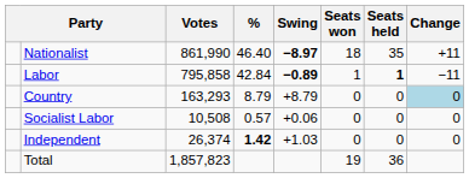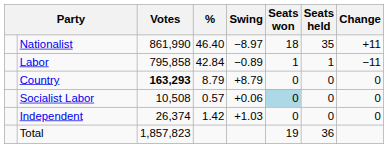 <table class="wikitable">
 <tr>
 <th colspan=2  style="width:180px">Party</th>
 <th style="width:70px">Votes</th>
 <th style="width:40px">%</th>
 <th style="width:40px">Swing</th>
 <th style="width:40px">Seats won</th>
 <th style="width:40px">Seats held</th>
 <th style="width:40px">Change</th>
 </tr>
 <tr>
 <td> </td>
 <td><a href='#'>Nationalist</a></td>
 <td align=right>861,990</td>
 <td align=right>46.40</td>
-<td align=right><strong>−8.97</strong></td>
+<td align=right>−8.97</td>
 <td align=right>18</td>
 <td align=right>35</td>
 <td align=right>+11</td>
 </tr>
 <tr>
 <td> </td>
 <td><a href='#'>Labor</a></td>
 <td align=right>795,858</td>
 <td align=right>42.84</td>
-<td align=right><strong>−0.89</strong></td>
+<td align=right>−0.89</td>
 <td align=right>1</td>
-<td align=right><strong>1</strong></td>
+<td align=right>1</td>
 <td align=right>−11</td>
 </tr>
 <tr>
 <td> </td>
 <td><a href='#'>Country</a></td>
-<td align=right>163,293</td>
+<td align=right><strong>163,293</strong></td>
 <td align=right>8.79</td>
 <td align=right>+8.79</td>
 <td align=right>0</td>
 <td align=right>0</td>
-<td align=right style="background: lightblue;">0</td>
+<td align=right>0</td>
 </tr>
 <tr>
 <td> </td>
 <td><a href='#'>Socialist Labor</a></td>
 <td align=right>10,508</td>
 <td align=right>0.57</td>
 <td align=right>+0.06</td>
-<td align=right>0</td>
+<td align=right style="background: lightblue;">0</td>
 <td align=right>0</td>
 <td align=right>0</td>
 </tr>
 <tr>
 <td> </td>
 <td><a href='#'>Independent</a></td>
 <td align=right>26,374</td>
-<td align=right><strong>1.42</strong></td>
+<td align=right>1.42</td>
 <td align=right>+1.03</td>
 <td align=right>0</td>
 <td align=right>0</td>
 <td align=right>0</td>
 </tr>
 <tr>
 <td> </td>
 <td>Total</td>
 <td align=right>1,857,823</td>
 <td align=right> </td>
 <td align=right> </td>
 <td align=right>19</td>
 <td align=right>36</td>
 <td align=right></td>
 </tr>
 </table>
